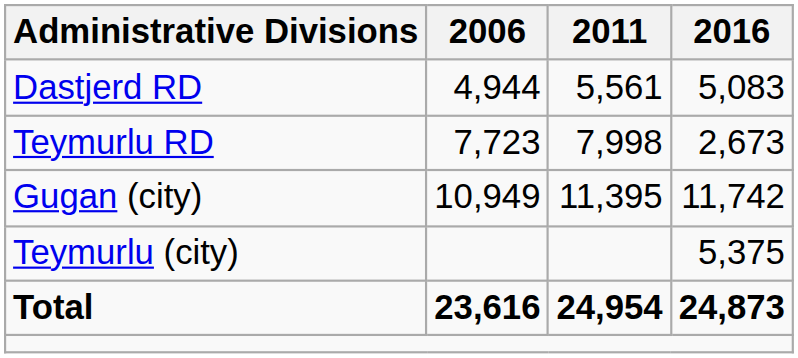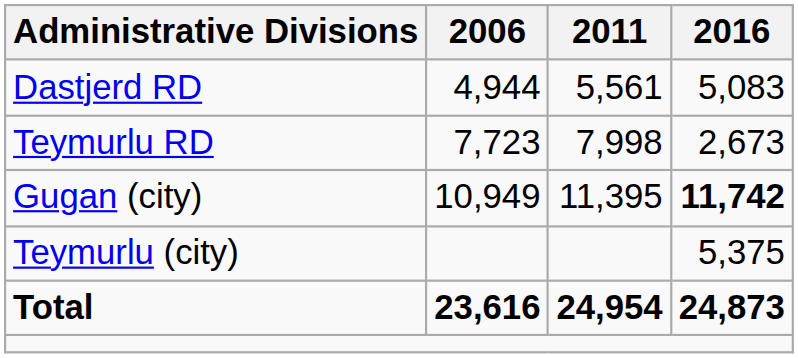 <table class="wikitable">
 <tr>
 <th>Administrative Divisions</th>
 <th>2006</th>
 <th>2011</th>
 <th>2016</th>
 </tr>
 <tr>
 <td><a href='#'>Dastjerd RD</a></td>
 <td style="text-align: right;">4,944</td>
 <td style="text-align: right;">5,561</td>
 <td style="text-align: right;">5,083</td>
 </tr>
 <tr>
 <td><a href='#'>Teymurlu RD</a></td>
 <td style="text-align: right;">7,723</td>
 <td style="text-align: right;">7,998</td>
 <td style="text-align: right;">2,673</td>
 </tr>
 <tr>
 <td><a href='#'>Gugan</a> (city)</td>
 <td style="text-align: right;">10,949</td>
 <td style="text-align: right;">11,395</td>
-<td style="text-align: right;">11,742</td>
+<td style="text-align: right;"><strong>11,742</strong></td>
 </tr>
 <tr>
 <td><a href='#'>Teymurlu</a> (city)</td>
 <td style="text-align: right;"></td>
 <td style="text-align: right;"></td>
 <td style="text-align: right;">5,375</td>
 </tr>
 <tr>
 <td><strong>Total</strong></td>
 <td style="text-align: right;"><strong>23,616</strong></td>
 <td style="text-align: right;"><strong>24,954</strong></td>
 <td style="text-align: right;"><strong>24,873</strong></td>
 </tr>
 <tr>
 <td colspan=4></td>
 </tr>
 </table>
